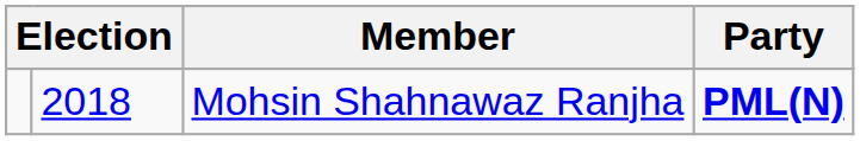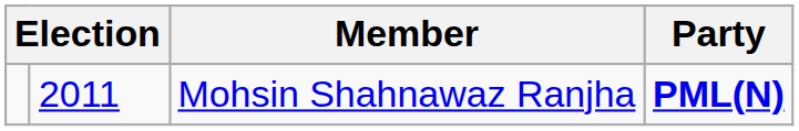 <table class="wikitable">
 <tr>
 <th colspan="2">Election</th>
 <th>Member</th>
 <th>Party</th>
 </tr>
 <tr>
 <td style="background-color: "></td>
-<td><a href='#'>2018</a></td>
+<td><a href='#'>2011</a></td>
 <td><a href='#'>Mohsin Shahnawaz Ranjha</a></td>
 <td><strong><a href='#'>PML(N)</a></strong></td>
 </tr>
 </table>
